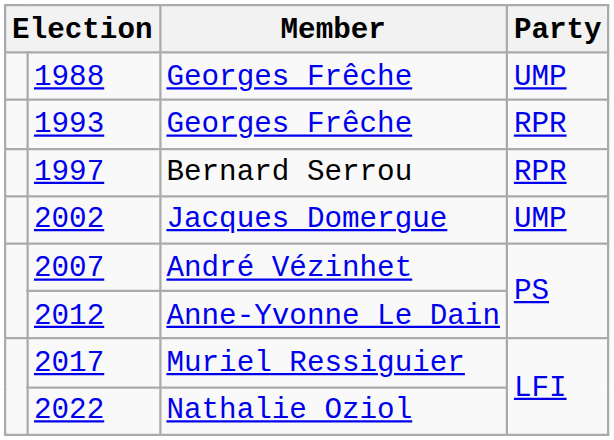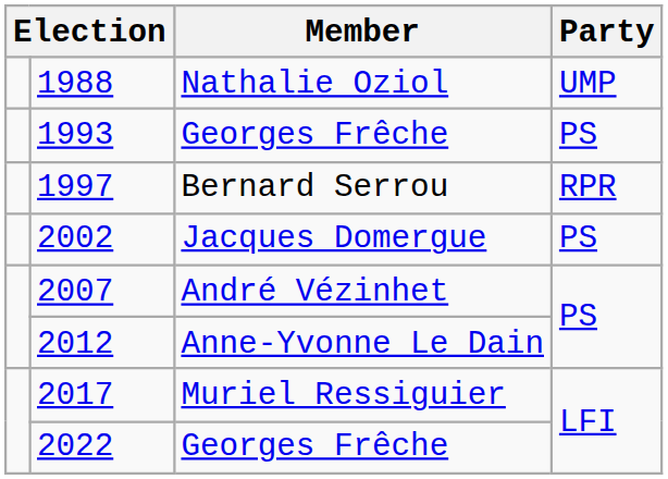 <table class="wikitable">
 <tr>
 <th colspan="2">Election</th>
 <th>Member</th>
 <th>Party</th>
 </tr>
 <tr>
 <td style="color:inherit;background-color: "></td>
 <td><a href='#'>1988</a></td>
-<td><a href='#'>Georges Frêche</a></td>
+<td><a href='#'>Nathalie Oziol</a></td>
 <td><a href='#'>UMP</a></td>
 </tr>
 <tr>
 <td style="color:inherit;background-color: "></td>
 <td><a href='#'>1993</a></td>
 <td><a href='#'>Georges Frêche</a></td>
-<td><a href='#'>RPR</a></td>
+<td><a href='#'>PS</a></td>
 </tr>
 <tr>
 <td style="color:inherit;background-color: "></td>
 <td><a href='#'>1997</a></td>
 <td>Bernard Serrou</td>
 <td><a href='#'>RPR</a></td>
 </tr>
 <tr>
 <td style="color:inherit;background-color: "></td>
 <td><a href='#'>2002</a></td>
 <td><a href='#'>Jacques Domergue</a></td>
-<td><a href='#'>UMP</a></td>
+<td><a href='#'>PS</a></td>
 </tr>
 <tr>
 <td rowspan="2" style="color:inherit;background-color: "></td>
 <td><a href='#'>2007</a></td>
 <td><a href='#'>André Vézinhet</a></td>
 <td rowspan="2"><a href='#'>PS</a></td>
 </tr>
 <tr>
 <td><a href='#'>2012</a></td>
 <td><a href='#'>Anne-Yvonne Le Dain</a></td>
 </tr>
 <tr>
 <td rowspan="2" style="color:inherit;background-color: "></td>
 <td><a href='#'>2017</a></td>
 <td><a href='#'>Muriel Ressiguier</a></td>
 <td rowspan="2"><a href='#'>LFI</a></td>
 </tr>
 <tr>
 <td><a href='#'>2022</a></td>
-<td><a href='#'>Nathalie Oziol</a></td>
+<td><a href='#'>Georges Frêche</a></td>
 </tr>
 </table>
